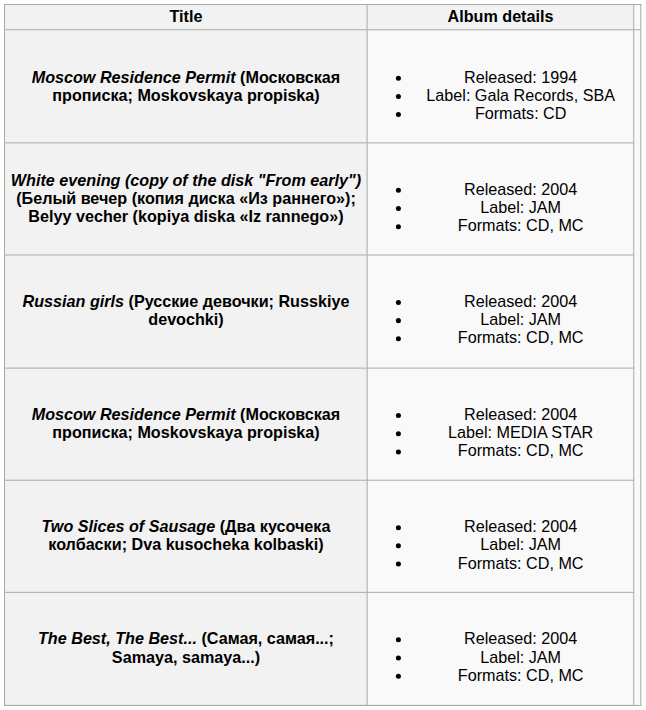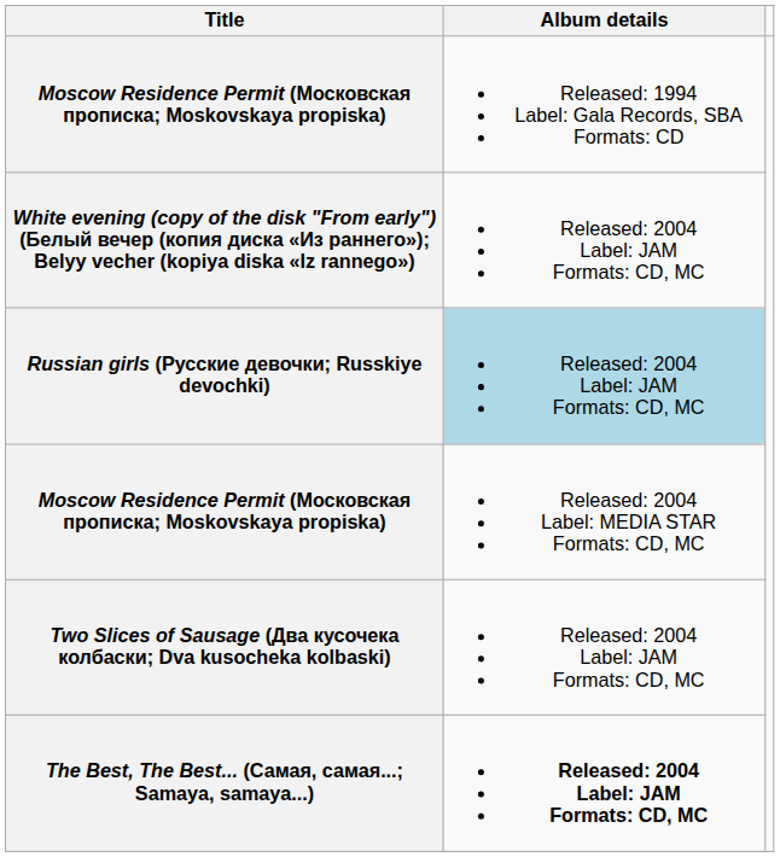 <table class="wikitable plainrowheaders" style="text-align:center;">
 <tr>
 <th style="width:22em;" rowspan="2">Title</th>
 <th style="width:16em;" rowspan="2">Album details</th>
 </tr>
 <tr>
 <td></td>
 </tr>
 <tr>
 <th scope="row"><em>Moscow Residence Permit</em> (Московская прописка; Moskovskaya propiska)</th>
 <td><br><ul><li>Released: 1994 </li><li>Label: Gala Records, SBA</li><li>Formats: CD</li></ul></td>
 </tr>
 <tr>
 <th scope="row"><em>White evening (copy of the disk "From early")</em> (Белый вечер (копия диска «Из раннего»); Belyy vecher (kopiya diska «Iz rannego»)</th>
 <td><br><ul><li>Released: 2004 </li><li>Label: JAM</li><li>Formats: CD, MC</li></ul></td>
 </tr>
 <tr>
 <th scope="row"><em>Russian girls</em> (Русские девочки; Russkiye devochki)</th>
-<td><br><ul><li>Released: 2004 </li><li>Label: JAM</li><li>Formats: CD, MC</li></ul></td>
+<td style="background: lightblue;"><br><ul><li>Released: 2004 </li><li>Label: JAM</li><li>Formats: CD, MC</li></ul></td>
 </tr>
 <tr>
 <th scope="row"><em>Moscow Residence Permit</em> (Московская прописка; Moskovskaya propiska)</th>
 <td><br><ul><li>Released: 2004 </li><li>Label: MEDIA STAR</li><li>Formats: CD, MC</li></ul></td>
 </tr>
 <tr>
 <th scope="row"><em>Two Slices of Sausage</em> (Два кусочека колбаски; Dva kusocheka kolbaski)</th>
 <td><br><ul><li>Released: 2004 </li><li>Label: JAM</li><li>Formats: CD, MC</li></ul></td>
 </tr>
 <tr>
 <th scope="row"><em>The Best, The Best...</em> (Самая, самая...; Samaya, samaya...)</th>
-<td><br><ul><li>Released: 2004 </li><li>Label: JAM</li><li>Formats: CD, MC</li></ul></td>
+<td><strong><br><ul><li>Released: 2004 </li><li>Label: JAM</li><li>Formats: CD, MC</li></ul></strong></td>
 </tr>
 <tr>
 </tr>
 </table>
